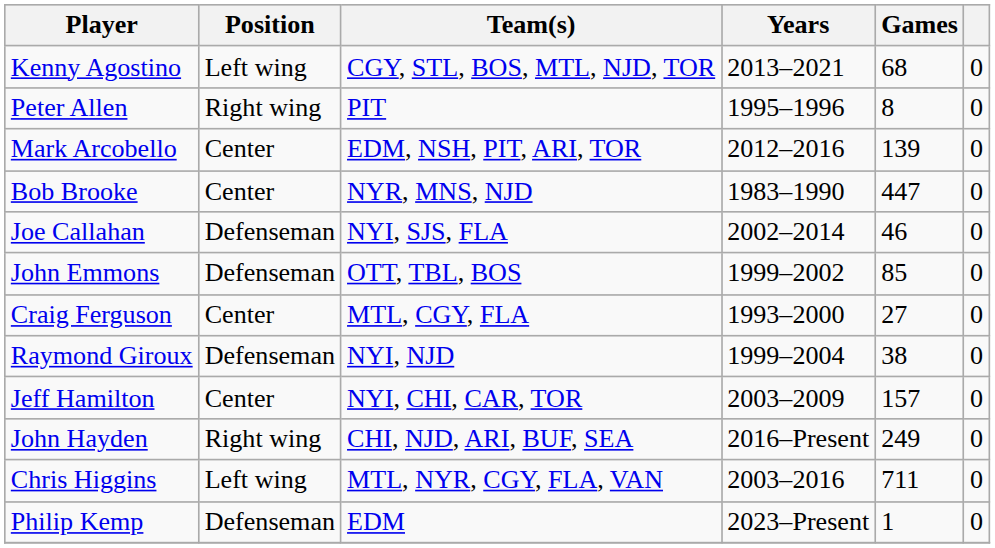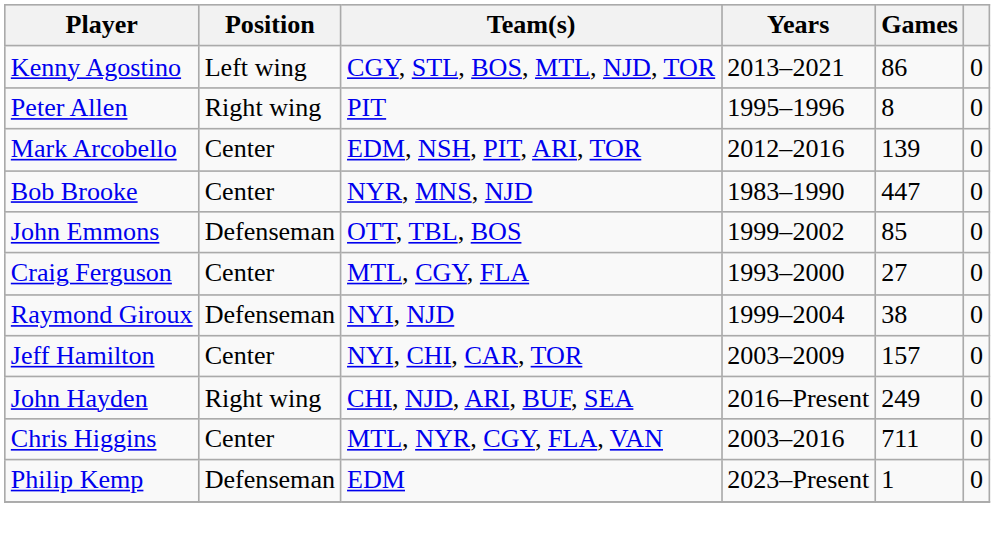 <table class="wikitable sortable">
 <tr>
 <th>Player</th>
 <th>Position</th>
 <th>Team(s)</th>
 <th>Years</th>
 <th>Games</th>
 <th><a href='#'></a></th>
 </tr>
 <tr>
 <td><a href='#'>Kenny Agostino</a></td>
 <td>Left wing</td>
 <td><a href='#'>CGY</a>, <a href='#'>STL</a>, <a href='#'>BOS</a>, <a href='#'>MTL</a>, <a href='#'>NJD</a>, <a href='#'>TOR</a></td>
 <td>2013–2021</td>
-<td>68</td>
+<td>86</td>
 <td>0</td>
 </tr>
 <tr>
 <td><a href='#'>Peter Allen</a></td>
 <td>Right wing</td>
 <td><a href='#'>PIT</a></td>
 <td>1995–1996</td>
 <td>8</td>
 <td>0</td>
 </tr>
 <tr>
 <td><a href='#'>Mark Arcobello</a></td>
 <td>Center</td>
 <td><a href='#'>EDM</a>, <a href='#'>NSH</a>, <a href='#'>PIT</a>, <a href='#'>ARI</a>, <a href='#'>TOR</a></td>
 <td>2012–2016</td>
 <td>139</td>
 <td>0</td>
 </tr>
 <tr>
 <td><a href='#'>Bob Brooke</a></td>
 <td>Center</td>
 <td><a href='#'>NYR</a>, <a href='#'>MNS</a>, <a href='#'>NJD</a></td>
 <td>1983–1990</td>
 <td>447</td>
-<td>0</td>
-</tr>
-<tr>
-<td><a href='#'>Joe Callahan</a></td>
-<td>Defenseman</td>
-<td><a href='#'>NYI</a>, <a href='#'>SJS</a>, <a href='#'>FLA</a></td>
-<td>2002–2014</td>
-<td>46</td>
 <td>0</td>
 </tr>
 <tr>
 <td><a href='#'>John Emmons</a></td>
 <td>Defenseman</td>
 <td><a href='#'>OTT</a>, <a href='#'>TBL</a>, <a href='#'>BOS</a></td>
 <td>1999–2002</td>
 <td>85</td>
 <td>0</td>
 </tr>
 <tr>
 <td><a href='#'>Craig Ferguson</a></td>
 <td>Center</td>
 <td><a href='#'>MTL</a>, <a href='#'>CGY</a>, <a href='#'>FLA</a></td>
 <td>1993–2000</td>
 <td>27</td>
 <td>0</td>
 </tr>
 <tr>
 <td><a href='#'>Raymond Giroux</a></td>
 <td>Defenseman</td>
 <td><a href='#'>NYI</a>, <a href='#'>NJD</a></td>
 <td>1999–2004</td>
 <td>38</td>
 <td>0</td>
 </tr>
 <tr>
 <td><a href='#'>Jeff Hamilton</a></td>
 <td>Center</td>
 <td><a href='#'>NYI</a>, <a href='#'>CHI</a>, <a href='#'>CAR</a>, <a href='#'>TOR</a></td>
 <td>2003–2009</td>
 <td>157</td>
 <td>0</td>
 </tr>
 <tr>
 <td><a href='#'>John Hayden</a></td>
 <td>Right wing</td>
 <td><a href='#'>CHI</a>, <a href='#'>NJD</a>, <a href='#'>ARI</a>, <a href='#'>BUF</a>, <a href='#'>SEA</a></td>
 <td>2016–Present</td>
 <td>249</td>
 <td>0</td>
 </tr>
 <tr>
 <td><a href='#'>Chris Higgins</a></td>
-<td>Left wing</td>
+<td>Center</td>
 <td><a href='#'>MTL</a>, <a href='#'>NYR</a>, <a href='#'>CGY</a>, <a href='#'>FLA</a>, <a href='#'>VAN</a></td>
 <td>2003–2016</td>
 <td>711</td>
 <td>0</td>
 </tr>
 <tr>
 <td><a href='#'>Philip Kemp</a></td>
 <td>Defenseman</td>
 <td><a href='#'>EDM</a></td>
 <td>2023–Present</td>
 <td>1</td>
 <td>0</td>
 </tr>
 <tr>
 </tr>
 </table>
